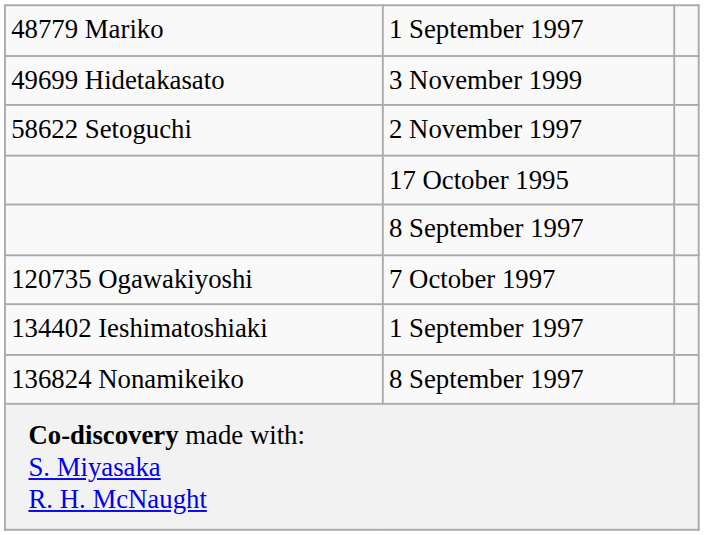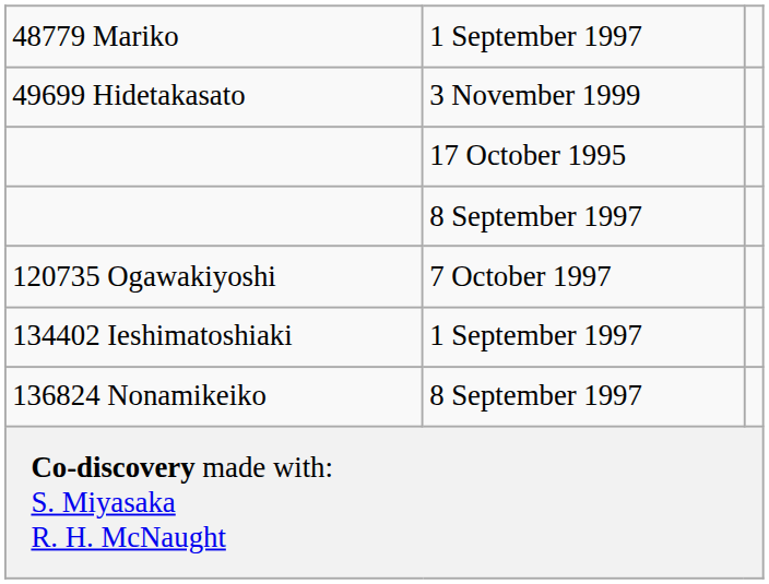 <table class="wikitable" style="font-size: 89%; float: left; width: 26em; margin-right: 1em; height: 280px;">
 <tr>
 <td>48779 Mariko</td>
 <td>1 September 1997</td>
 <td></td>
 </tr>
 <tr>
 <td>49699 Hidetakasato</td>
 <td>3 November 1999</td>
 <td></td>
-</tr>
-<tr>
-<td>58622 Setoguchi</td>
-<td>2 November 1997</td>
-<td> </td>
 </tr>
 <tr>
 <td></td>
 <td>17 October 1995</td>
 <td></td>
 </tr>
 <tr>
 <td></td>
 <td>8 September 1997</td>
 <td></td>
 </tr>
 <tr>
 <td>120735 Ogawakiyoshi</td>
 <td>7 October 1997</td>
 <td></td>
 </tr>
 <tr>
 <td>134402 Ieshimatoshiaki</td>
 <td>1 September 1997</td>
 <td></td>
 </tr>
 <tr>
 <td>136824 Nonamikeiko</td>
 <td>8 September 1997</td>
 <td></td>
 </tr>
 <tr>
 <th colspan=3 style="font-weight: normal; text-align: left; padding: 4px 12px;"><strong>Co-discovery</strong> made with:<br> <a href='#'>S. Miyasaka</a><br> <a href='#'>R. H. McNaught</a></th>
 </tr>
 </table>
